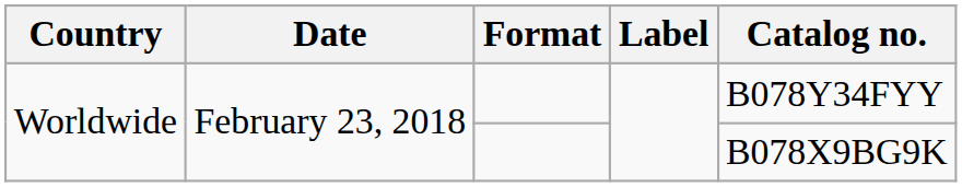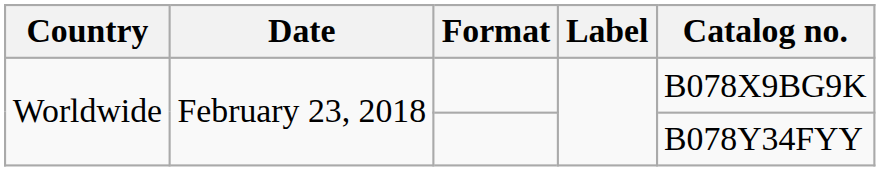 <table class="wikitable">
 <tr>
 <th>Country</th>
 <th>Date</th>
 <th>Format</th>
 <th>Label</th>
 <th>Catalog no.</th>
 </tr>
 <tr>
 <td rowspan="2">Worldwide</td>
 <td rowspan="2">February 23, 2018</td>
 <td rowspan="1"></td>
 <td rowspan="2"></td>
-<td>B078Y34FYY</td>
+<td>B078X9BG9K</td>
 </tr>
 <tr>
 <td rowspan="1"></td>
-<td>B078X9BG9K</td>
+<td>B078Y34FYY</td>
 </tr>
 </table>
